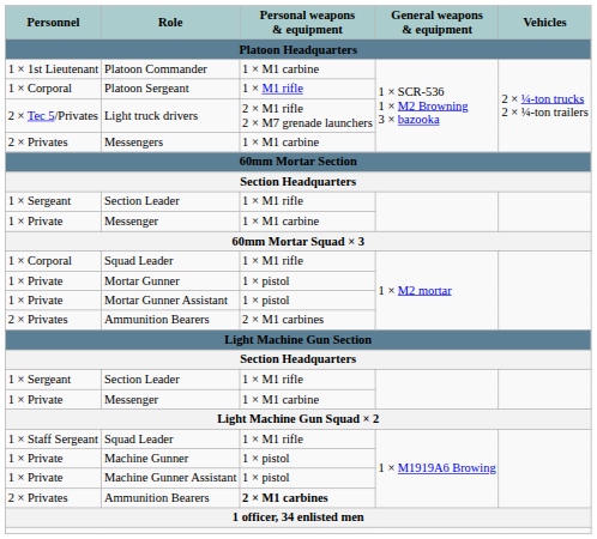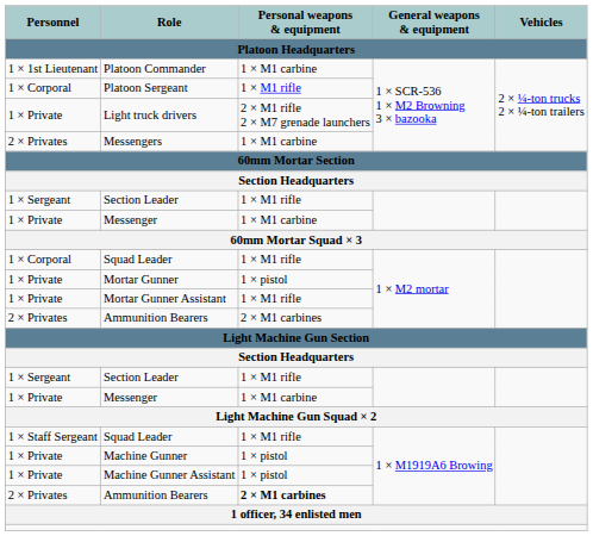 <table class="wikitable mw-collapsible mw-collapsed" style="display: inline-table;">
 <tr>
 <th style="text-align:center; background:#acc;">Personnel</th>
 <th style="text-align:center; background:#acc;">Role</th>
 <th style="text-align:l center; background:#acc;">Personal weapons<br>& equipment</th>
 <th style="text-align:l center; background:#acc;">General weapons<br>& equipment</th>
 <th style="text-align:l center; background:#acc;">Vehicles</th>
 </tr>
 <tr>
 <th scope="col" colspan="5" style="align: center; background: #5B7F95">Platoon Headquarters</th>
 </tr>
 <tr>
 <td>1 × 1st Lieutenant</td>
 <td>Platoon Commander</td>
 <td>1 × M1 carbine</td>
 <td rowspan="4" style="center">1 × SCR-536<br>1 × <a href='#'>M2 Browning</a><br>3 × <a href='#'>bazooka</a></td>
 <td rowspan="4" style="center">2 × <a href='#'>¼-ton trucks</a><br>2 × ¼-ton trailers</td>
 </tr>
 <tr>
 <td>1 × Corporal</td>
 <td>Platoon Sergeant</td>
 <td>1 × <a href='#'>M1 rifle</a></td>
 </tr>
 <tr>
-<td>2 × <a href='#'>Tec 5</a>/Privates</td>
+<td>1 × Private</td>
 <td>Light truck drivers</td>
 <td>2 × M1 rifle<br>2 × M7 grenade launchers</td>
 </tr>
 <tr>
 <td>2 × Privates</td>
 <td>Messengers</td>
 <td>1 × M1 carbine</td>
 </tr>
 <tr>
 <th scope="col" colspan="5" style="align: center; background: #5B7F95">60mm Mortar Section</th>
 </tr>
 <tr>
 <th scope="col" colspan="5" style="align: center; background: light blue;">Section Headquarters</th>
 </tr>
 <tr>
 <td>1 × Sergeant</td>
 <td>Section Leader</td>
 <td>1 × M1 rifle</td>
 <td rowspan="2"></td>
 <td rowspan="2"></td>
 </tr>
 <tr>
 <td>1 × Private</td>
 <td>Messenger</td>
 <td>1 × M1 carbine</td>
 </tr>
 <tr>
 <th colspan="5" style="background: light blue;">60mm Mortar Squad × 3</th>
 </tr>
 <tr>
 <td>1 × Corporal</td>
 <td>Squad Leader</td>
 <td>1 × M1 rifle</td>
 <td rowspan="4">1 × <a href='#'>M2 mortar</a></td>
 <td rowspan="4"></td>
 </tr>
 <tr>
 <td>1 × Private</td>
 <td>Mortar Gunner</td>
 <td>1 × pistol</td>
 </tr>
 <tr>
 <td>1 × Private</td>
 <td>Mortar Gunner Assistant</td>
-<td>1 × pistol</td>
+<td>1 × M1 rifle</td>
 </tr>
 <tr>
 <td>2 × Privates</td>
 <td>Ammunition Bearers</td>
 <td>2 × M1 carbines</td>
 </tr>
 <tr>
 <th scope="col" colspan="5" style="align: center; background: #5B7F95">Light Machine Gun Section</th>
 </tr>
 <tr>
 <th scope="col" colspan="5" style="background: light blue;">Section Headquarters</th>
 </tr>
 <tr>
 <td>1 × Sergeant</td>
 <td>Section Leader</td>
 <td>1 × M1 rifle</td>
 <td rowspan="2"></td>
 <td rowspan="2"></td>
 </tr>
 <tr>
 <td>1 × Private</td>
 <td>Messenger</td>
 <td>1 × M1 carbine</td>
 </tr>
 <tr>
 <th scope="col" colspan="5" style="background: light blue;">Light Machine Gun Squad × 2</th>
 </tr>
 <tr>
 <td>1 × Staff Sergeant</td>
 <td>Squad Leader</td>
 <td>1 × M1 rifle</td>
 <td rowspan="4">1 × <a href='#'>M1919A6 Browing</a></td>
 </tr>
 <tr>
 <td>1 × Private</td>
 <td>Machine Gunner</td>
 <td>1 × pistol</td>
 </tr>
 <tr>
 <td>1 × Private</td>
 <td>Machine Gunner Assistant</td>
 <td>1 × pistol</td>
 </tr>
 <tr>
 <td>2 × Privates</td>
 <td>Ammunition Bearers</td>
 <td><strong>2 × M1 carbines</strong></td>
 </tr>
 <tr>
 <th colspan="5" style="background: light blue;">1 officer, 34 enlisted men</th>
 </tr>
 <tr>
 <td colspan="6"></td>
 </tr>
 </table>
